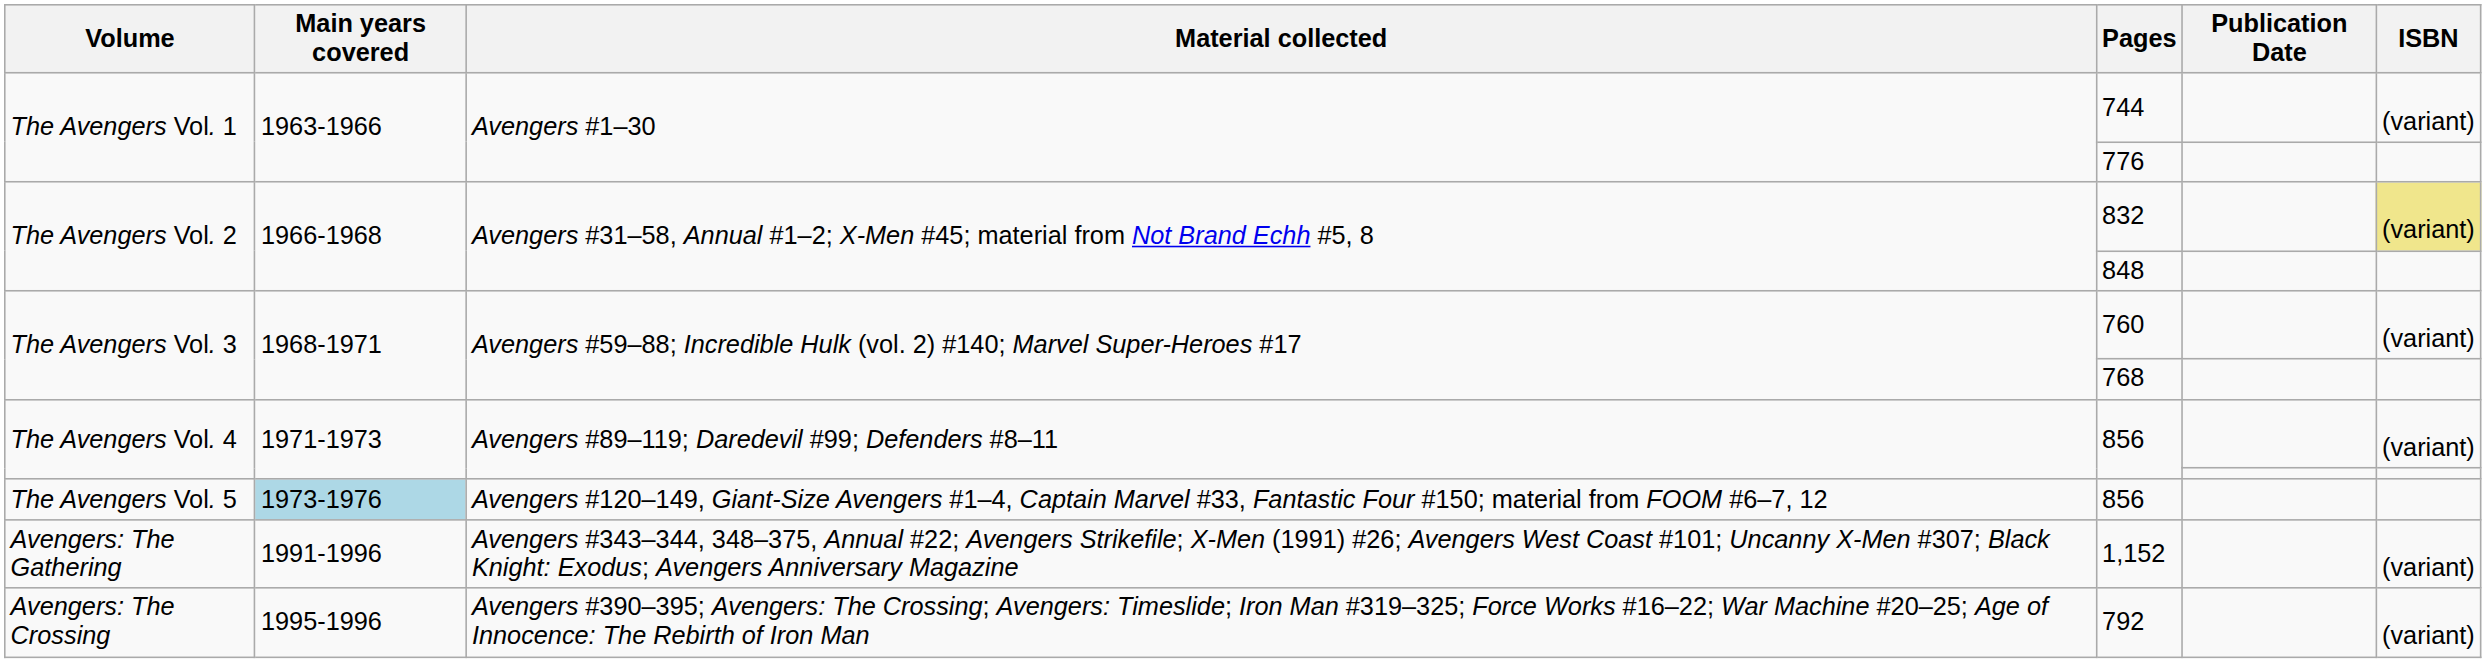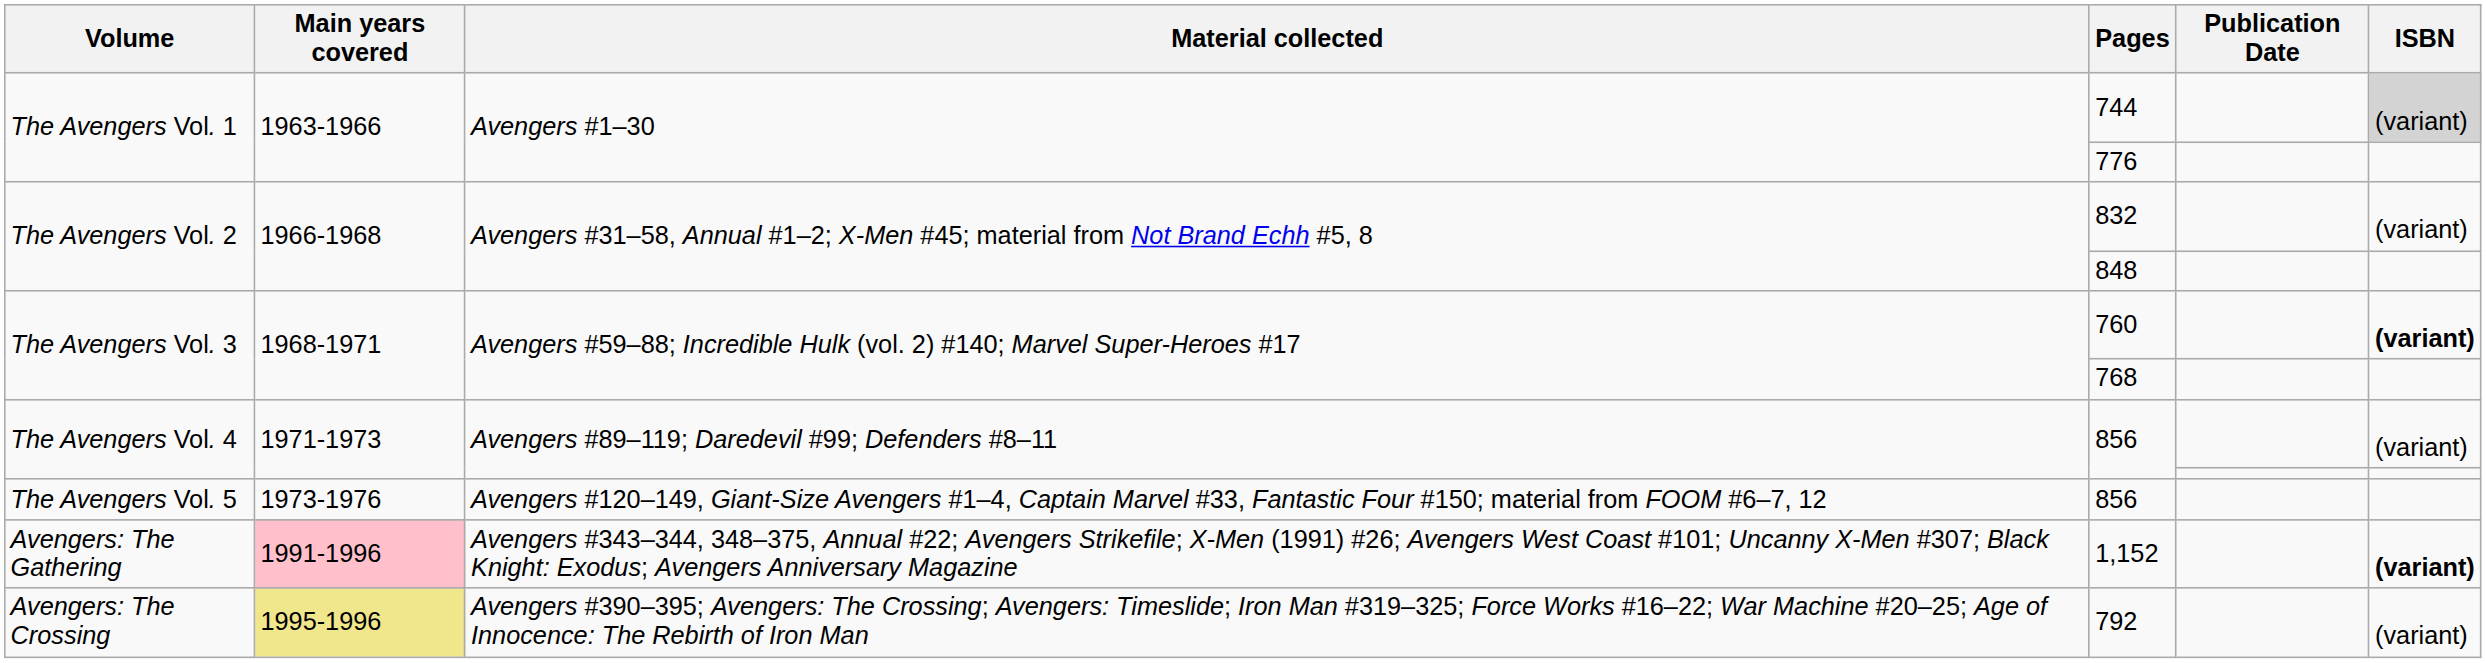 <table class="wikitable">
 <tr>
 <th>Volume</th>
 <th>Main years covered</th>
 <th>Material collected</th>
 <th>Pages</th>
 <th>Publication Date</th>
 <th>ISBN</th>
 </tr>
 <tr>
 <td rowspan="2"><em>The Avengers</em> Vol<em>.</em> 1</td>
 <td rowspan="2">1963-1966</td>
 <td rowspan="2"><em>Avengers</em> #1–30</td>
 <td>744</td>
 <td></td>
-<td><br> (variant)</td>
+<td style="background: lightgrey;"><br> (variant)</td>
 </tr>
 <tr>
 <td>776</td>
 <td></td>
 <td></td>
 </tr>
 <tr>
 <td rowspan="2"><em>The Avengers</em> Vol<em>.</em> 2</td>
 <td rowspan="2">1966-1968</td>
 <td rowspan="2"><em>Avengers</em> #31–58, <em>Annual</em> #1–2; <em>X-Men</em> #45; material from <em><a href='#'>Not Brand Echh</a></em> #5, 8</td>
 <td>832</td>
 <td></td>
-<td style="background: khaki;"><br> (variant)</td>
+<td><br> (variant)</td>
 </tr>
 <tr>
 <td>848</td>
 <td></td>
 <td></td>
 </tr>
 <tr>
 <td rowspan="2"><em>The Avengers</em> Vol<em>.</em> 3</td>
 <td rowspan="2">1968-1971</td>
 <td rowspan="2"><em>Avengers</em> #59–88; <em>Incredible Hulk</em> (vol. 2) #140; <em>Marvel Super-Heroes</em> #17</td>
 <td>760</td>
 <td></td>
-<td><br> (variant)</td>
+<td><strong><br> (variant)</strong></td>
 </tr>
 <tr>
 <td>768</td>
 <td></td>
 <td></td>
 </tr>
 <tr>
 <td rowspan="2"><em>The Avengers</em> Vol<em>.</em> 4</td>
 <td rowspan="2">1971-1973</td>
 <td rowspan="2"><em>Avengers</em> #89–119; <em>Daredevil</em> #99; <em>Defenders</em> #8–11</td>
 <td rowspan="2">856</td>
 <td></td>
 <td><br> (variant)</td>
 </tr>
 <tr>
 <td></td>
 <td></td>
 </tr>
 <tr>
 <td><em>The Avengers</em> Vol<em>.</em> 5</td>
-<td style="background: lightblue;">1973-1976</td>
+<td>1973-1976</td>
 <td><em>Avengers</em> #120–149, <em>Giant-Size Avengers</em> #1–4, <em>Captain Marvel</em> #33, <em>Fantastic Four</em> #150; material from <em>FOOM</em> #6–7, 12</td>
 <td>856</td>
 <td></td>
 <td></td>
 </tr>
 <tr>
 <td><em>Avengers: The Gathering</em></td>
-<td>1991-1996</td>
+<td style="background: pink;">1991-1996</td>
 <td><em>Avengers</em> #343–344, 348–375, <em>Annual</em> #22; <em>Avengers Strikefile</em>; <em>X-Men</em> (1991) #26; <em>Avengers West Coast</em> #101; <em>Uncanny X-Men</em> #307; <em>Black Knight: Exodus</em>; <em>Avengers Anniversary Magazine</em></td>
 <td>1,152</td>
 <td></td>
-<td><br> (variant)</td>
+<td><strong><br> (variant)</strong></td>
 </tr>
 <tr>
 <td><em>Avengers: The Crossing</em></td>
-<td>1995-1996</td>
+<td style="background: khaki;">1995-1996</td>
 <td><em>Avengers</em> #390–395; <em>Avengers: The Crossing</em>; <em>Avengers: Timeslide</em>; <em>Iron Man</em> #319–325; <em>Force Works</em> #16–22; <em>War Machine</em> #20–25; <em>Age of Innocence: The Rebirth of Iron Man</em></td>
 <td>792</td>
 <td></td>
 <td><br> (variant)</td>
 </tr>
 </table>
